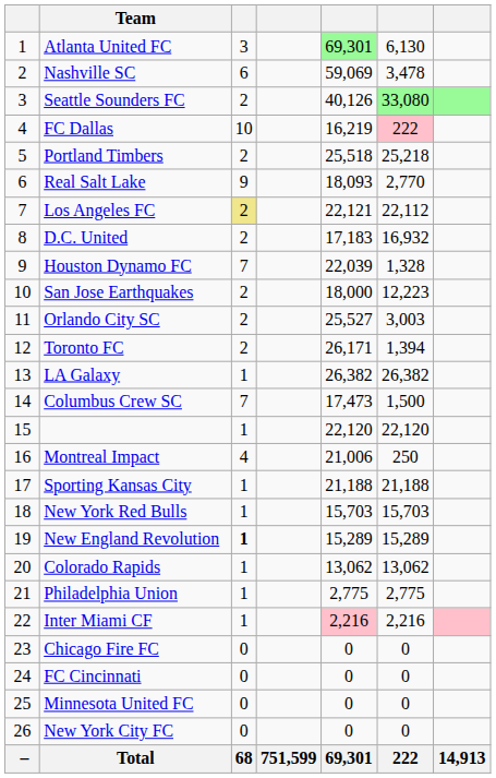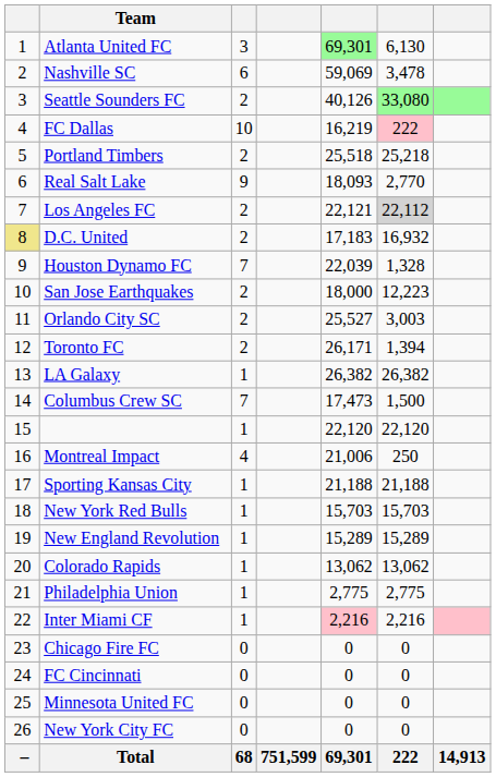 <table class="wikitable sortable">
 <tr>
 <th width=25></th>
 <th width=170>Team</th>
 <th></th>
 <th width=45></th>
 <th width=45></th>
 <th width=45></th>
 <th width=45></th>
 </tr>
 <tr>
 <td align=center>1</td>
 <td><a href='#'>Atlanta United FC</a></td>
 <td align="center">3</td>
 <td align="center"></td>
 <td align="center" bgcolor="#98fb98">69,301</td>
 <td align="center">6,130</td>
 <td align="center"></td>
 </tr>
 <tr>
 <td align=center>2</td>
 <td><a href='#'>Nashville SC</a></td>
 <td align="center">6</td>
 <td align="center"></td>
 <td align="center">59,069</td>
 <td align="center">3,478</td>
 <td align="center"></td>
 </tr>
 <tr>
 <td align=center>3</td>
 <td><a href='#'>Seattle Sounders FC</a></td>
 <td align="center">2</td>
 <td align="center"></td>
 <td align="center">40,126</td>
 <td align="center" bgcolor="#98fb98">33,080</td>
 <td align="center" bgcolor="#98fb98"></td>
 </tr>
 <tr>
 <td align=center>4</td>
 <td><a href='#'>FC Dallas</a></td>
 <td align="center">10</td>
 <td align="center"></td>
 <td align="center">16,219</td>
 <td align="center" bgcolor="#ffc)cb">222</td>
 <td align="center"></td>
 </tr>
 <tr>
 <td align=center>5</td>
 <td><a href='#'>Portland Timbers</a></td>
 <td align="center">2</td>
 <td align="center"></td>
 <td align="center">25,518</td>
 <td align="center">25,218</td>
 <td align="center"></td>
 </tr>
 <tr>
 <td align=center>6</td>
 <td><a href='#'>Real Salt Lake</a></td>
 <td align="center">9</td>
 <td align="center"></td>
 <td align="center">18,093</td>
 <td align="center">2,770</td>
 <td align="center"></td>
 </tr>
 <tr>
 <td align=center>7</td>
 <td><a href='#'>Los Angeles FC</a></td>
-<td align="center" style="background: khaki;">2</td>
+<td align="center">2</td>
 <td align="center"></td>
 <td align="center">22,121</td>
-<td align="center">22,112</td>
+<td align="center" style="background: lightgrey;">22,112</td>
 <td align="center"></td>
 </tr>
 <tr>
-<td align=center>8</td>
+<td align=center style="background: khaki;">8</td>
 <td><a href='#'>D.C. United</a></td>
 <td align="center">2</td>
 <td align="center"></td>
 <td align="center">17,183</td>
 <td align="center">16,932</td>
 <td align="center"></td>
 </tr>
 <tr>
 <td align=center>9</td>
 <td><a href='#'>Houston Dynamo FC</a></td>
 <td align="center">7</td>
 <td align="center"></td>
 <td align="center">22,039</td>
 <td align="center">1,328</td>
 <td align="center"></td>
 </tr>
 <tr>
 <td align=center>10</td>
 <td><a href='#'>San Jose Earthquakes</a></td>
 <td align="center">2</td>
 <td align="center"></td>
 <td align="center">18,000</td>
 <td align="center">12,223</td>
 <td align="center"></td>
 </tr>
 <tr>
 <td align=center>11</td>
 <td><a href='#'>Orlando City SC</a></td>
 <td align="center">2</td>
 <td align="center"></td>
 <td align="center">25,527</td>
 <td align="center">3,003</td>
 <td align="center"></td>
 </tr>
 <tr>
 <td align=center>12</td>
 <td><a href='#'>Toronto FC</a></td>
 <td align="center">2</td>
 <td align="center"></td>
 <td align="center">26,171</td>
 <td align="center">1,394</td>
 <td align="center"></td>
 </tr>
 <tr>
 <td align=center>13</td>
 <td><a href='#'>LA Galaxy</a></td>
 <td align="center">1</td>
 <td align="center"></td>
 <td align="center">26,382</td>
 <td align="center">26,382</td>
 <td align="center"></td>
 </tr>
 <tr>
 <td align=center>14</td>
 <td><a href='#'>Columbus Crew SC</a></td>
 <td align="center">7</td>
 <td align="center"></td>
 <td align="center">17,473</td>
 <td align="center">1,500</td>
 <td align="center"></td>
 </tr>
 <tr>
 <td align=center>15</td>
 <td></td>
 <td align="center">1</td>
 <td align="center"></td>
 <td align="center">22,120</td>
 <td align="center">22,120</td>
 <td align="center"></td>
 </tr>
 <tr>
 <td align=center>16</td>
 <td><a href='#'>Montreal Impact</a></td>
 <td align="center">4</td>
 <td align="center"></td>
 <td align="center">21,006</td>
 <td align="center">250</td>
 <td align="center"></td>
 </tr>
 <tr>
 <td align=center>17</td>
 <td><a href='#'>Sporting Kansas City</a></td>
 <td align="center">1</td>
 <td align="center"></td>
 <td align="center">21,188</td>
 <td align="center">21,188</td>
 <td align="center"></td>
 </tr>
 <tr>
 <td align=center>18</td>
 <td><a href='#'>New York Red Bulls</a></td>
 <td align="center">1</td>
 <td align="center"></td>
 <td align="center">15,703</td>
 <td align="center">15,703</td>
 <td align="center"></td>
 </tr>
 <tr>
 <td align=center>19</td>
 <td><a href='#'>New England Revolution</a></td>
-<td align="center"><strong>1</strong></td>
+<td align="center">1</td>
 <td align="center"></td>
 <td align="center">15,289</td>
 <td align="center">15,289</td>
 <td align="center"></td>
 </tr>
 <tr>
 <td align=center>20</td>
 <td><a href='#'>Colorado Rapids</a></td>
 <td align="center">1</td>
 <td align="center"></td>
 <td align="center">13,062</td>
 <td align="center">13,062</td>
 <td align="center"></td>
 </tr>
 <tr>
 <td align=center>21</td>
 <td><a href='#'>Philadelphia Union</a></td>
 <td align="center">1</td>
 <td align="center"></td>
 <td align="center">2,775</td>
 <td align="center">2,775</td>
 <td align="center"></td>
 </tr>
 <tr>
 <td align=center>22</td>
 <td><a href='#'>Inter Miami CF</a></td>
 <td align="center">1</td>
 <td align="center"></td>
 <td align="center" bgcolor="#ffc)cb">2,216</td>
 <td align="center">2,216</td>
 <td align="center" bgcolor="#ffc)cb"></td>
 </tr>
 <tr>
 <td align=center>23</td>
 <td><a href='#'>Chicago Fire FC</a></td>
 <td align="center">0</td>
 <td align="center"></td>
 <td align="center">0</td>
 <td align="center">0</td>
 <td align="center"></td>
 </tr>
 <tr>
 <td align=center>24</td>
 <td><a href='#'>FC Cincinnati</a></td>
 <td align="center">0</td>
 <td align="center"></td>
 <td align="center">0</td>
 <td align="center">0</td>
 <td align="center"></td>
 </tr>
 <tr>
 <td align=center>25</td>
 <td><a href='#'>Minnesota United FC</a></td>
 <td align="center">0</td>
 <td align="center"></td>
 <td align="center">0</td>
 <td align="center">0</td>
 <td align="center"></td>
 </tr>
 <tr>
 <td align=center>26</td>
 <td><a href='#'>New York City FC</a></td>
 <td align="center">0</td>
 <td align="center"></td>
 <td align="center">0</td>
 <td align="center">0</td>
 <td align="center"></td>
 </tr>
 <tr>
 <th align=center> –</th>
 <th>Total</th>
 <th align=center>68</th>
 <th align=center>751,599</th>
 <th align=center>69,301</th>
 <th align=center>222</th>
 <th align=center>14,913</th>
 </tr>
 </table>
